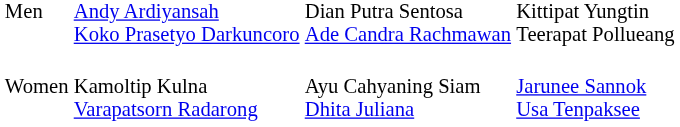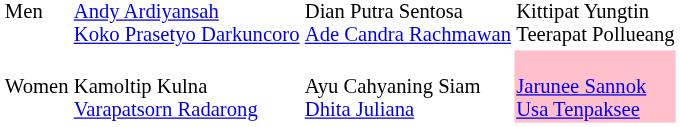 <table>
 <tr>
 <td>Men</td>
 <td><br><a href='#'>Andy Ardiyansah</a><br><a href='#'>Koko Prasetyo Darkuncoro</a></td>
 <td><br>Dian Putra Sentosa<br><a href='#'>Ade Candra Rachmawan</a></td>
 <td><br>Kittipat Yungtin<br>Teerapat Pollueang</td>
 </tr>
 <tr>
 <td>Women</td>
 <td><br>Kamoltip Kulna<br><a href='#'>Varapatsorn Radarong</a></td>
 <td><br>Ayu Cahyaning Siam<br><a href='#'>Dhita Juliana</a></td>
-<td><br><a href='#'>Jarunee Sannok</a><br><a href='#'>Usa Tenpaksee</a></td>
+<td style="background: pink;"><br><a href='#'>Jarunee Sannok</a><br><a href='#'>Usa Tenpaksee</a></td>
 </tr>
 </table>
